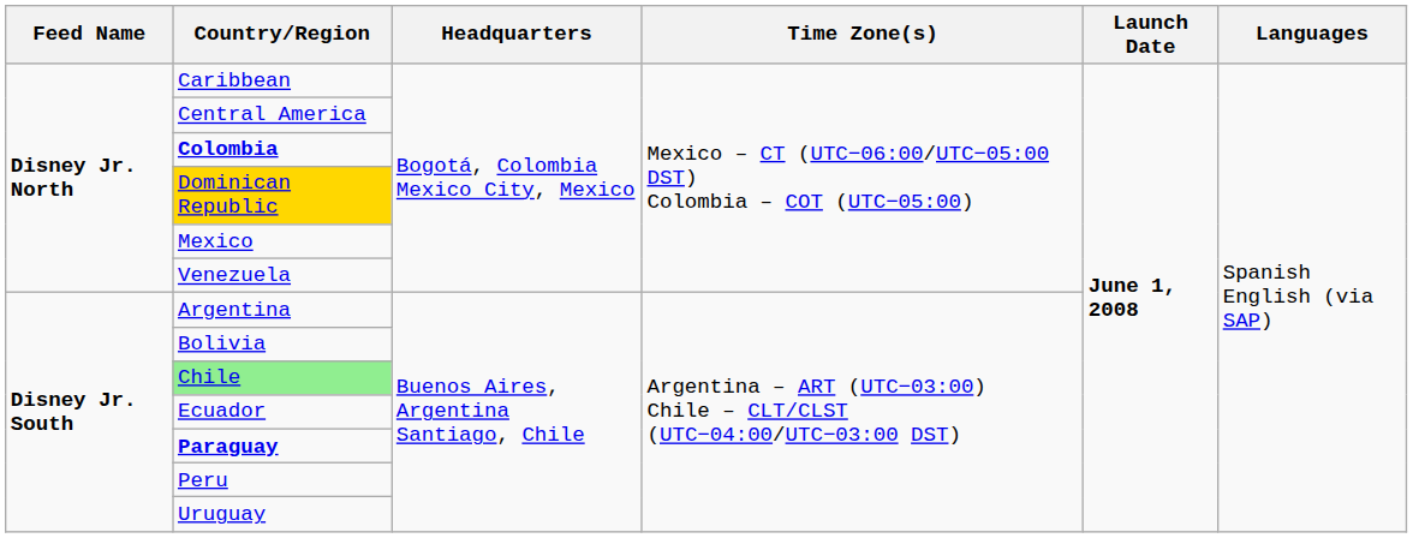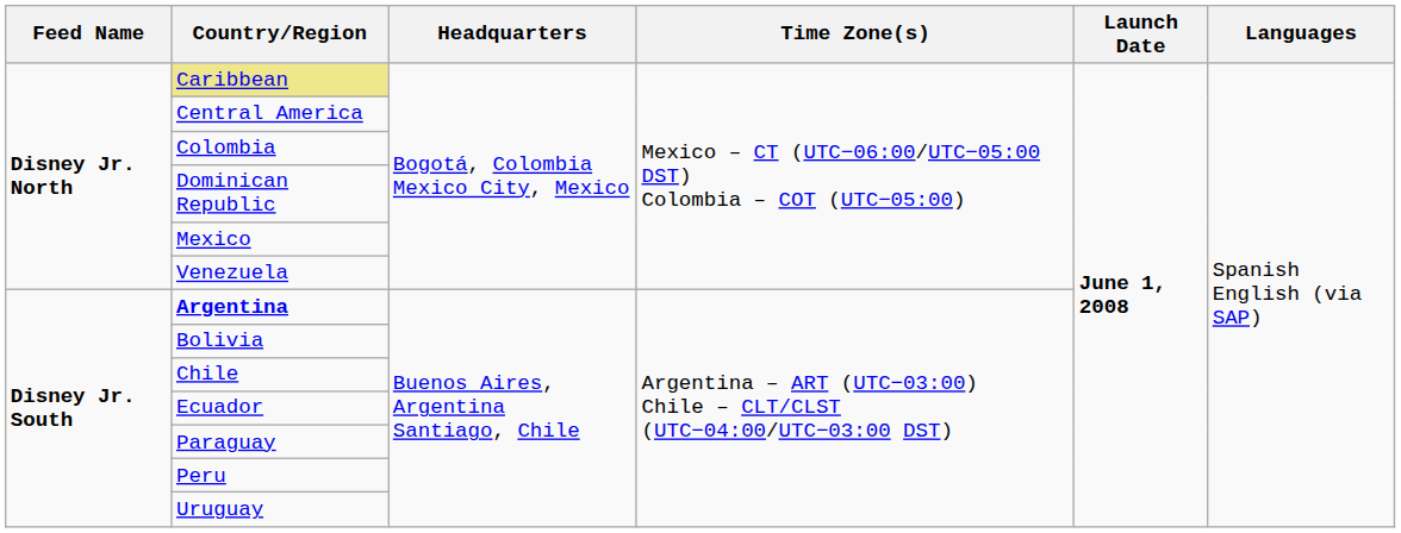 <table class="wikitable">
 <tr>
 <th>Feed Name</th>
 <th>Country/Region</th>
 <th>Headquarters</th>
 <th>Time Zone(s)</th>
 <th>Launch Date</th>
 <th>Languages</th>
 </tr>
 <tr>
 <td rowspan ="6"><strong>Disney Jr. North</strong></td>
-<td><a href='#'>Caribbean</a></td>
+<td style="background: khaki;"><a href='#'>Caribbean</a></td>
 <td rowspan ="6"><a href='#'>Bogotá</a>, <a href='#'>Colombia</a><br><a href='#'>Mexico City</a>, <a href='#'>Mexico</a></td>
 <td rowspan ="6">Mexico – <a href='#'>CT</a> (<a href='#'>UTC−06:00</a>/<a href='#'>UTC−05:00</a> <a href='#'>DST</a>)<br>Colombia – <a href='#'>COT</a> (<a href='#'>UTC−05:00</a>)</td>
 <td rowspan = "13"><strong>June 1, 2008</strong></td>
 <td rowspan="13">Spanish<br>English (via <a href='#'>SAP</a>)</td>
 </tr>
 <tr>
 <td><a href='#'>Central America</a></td>
 </tr>
 <tr>
-<td><strong><a href='#'>Colombia</a></strong></td>
+<td><a href='#'>Colombia</a></td>
 </tr>
 <tr>
-<td style="background: gold;"><a href='#'>Dominican Republic</a></td>
+<td><a href='#'>Dominican Republic</a></td>
 </tr>
 <tr>
 <td><a href='#'>Mexico</a></td>
 </tr>
 <tr>
 <td><a href='#'>Venezuela</a></td>
 </tr>
 <tr>
 <td rowspan ="7"><strong>Disney Jr. South</strong></td>
-<td><a href='#'>Argentina</a></td>
+<td><strong><a href='#'>Argentina</a></strong></td>
 <td rowspan ="7"><a href='#'>Buenos Aires</a>, <a href='#'>Argentina</a><br><a href='#'>Santiago</a>, <a href='#'>Chile</a></td>
 <td rowspan ="7">Argentina – <a href='#'>ART</a> (<a href='#'>UTC−03:00</a>) <br>Chile – <a href='#'>CLT/CLST</a> (<a href='#'>UTC−04:00</a>/<a href='#'>UTC−03:00</a> <a href='#'>DST</a>)</td>
 </tr>
 <tr>
 <td><a href='#'>Bolivia</a></td>
 </tr>
 <tr>
-<td style="background: lightgreen;"><a href='#'>Chile</a></td>
+<td><a href='#'>Chile</a></td>
 </tr>
 <tr>
 <td><a href='#'>Ecuador</a></td>
 </tr>
 <tr>
-<td><strong><a href='#'>Paraguay</a></strong></td>
+<td><a href='#'>Paraguay</a></td>
 </tr>
 <tr>
 <td><a href='#'>Peru</a></td>
 </tr>
 <tr>
 <td><a href='#'>Uruguay</a></td>
 </tr>
 </table>
